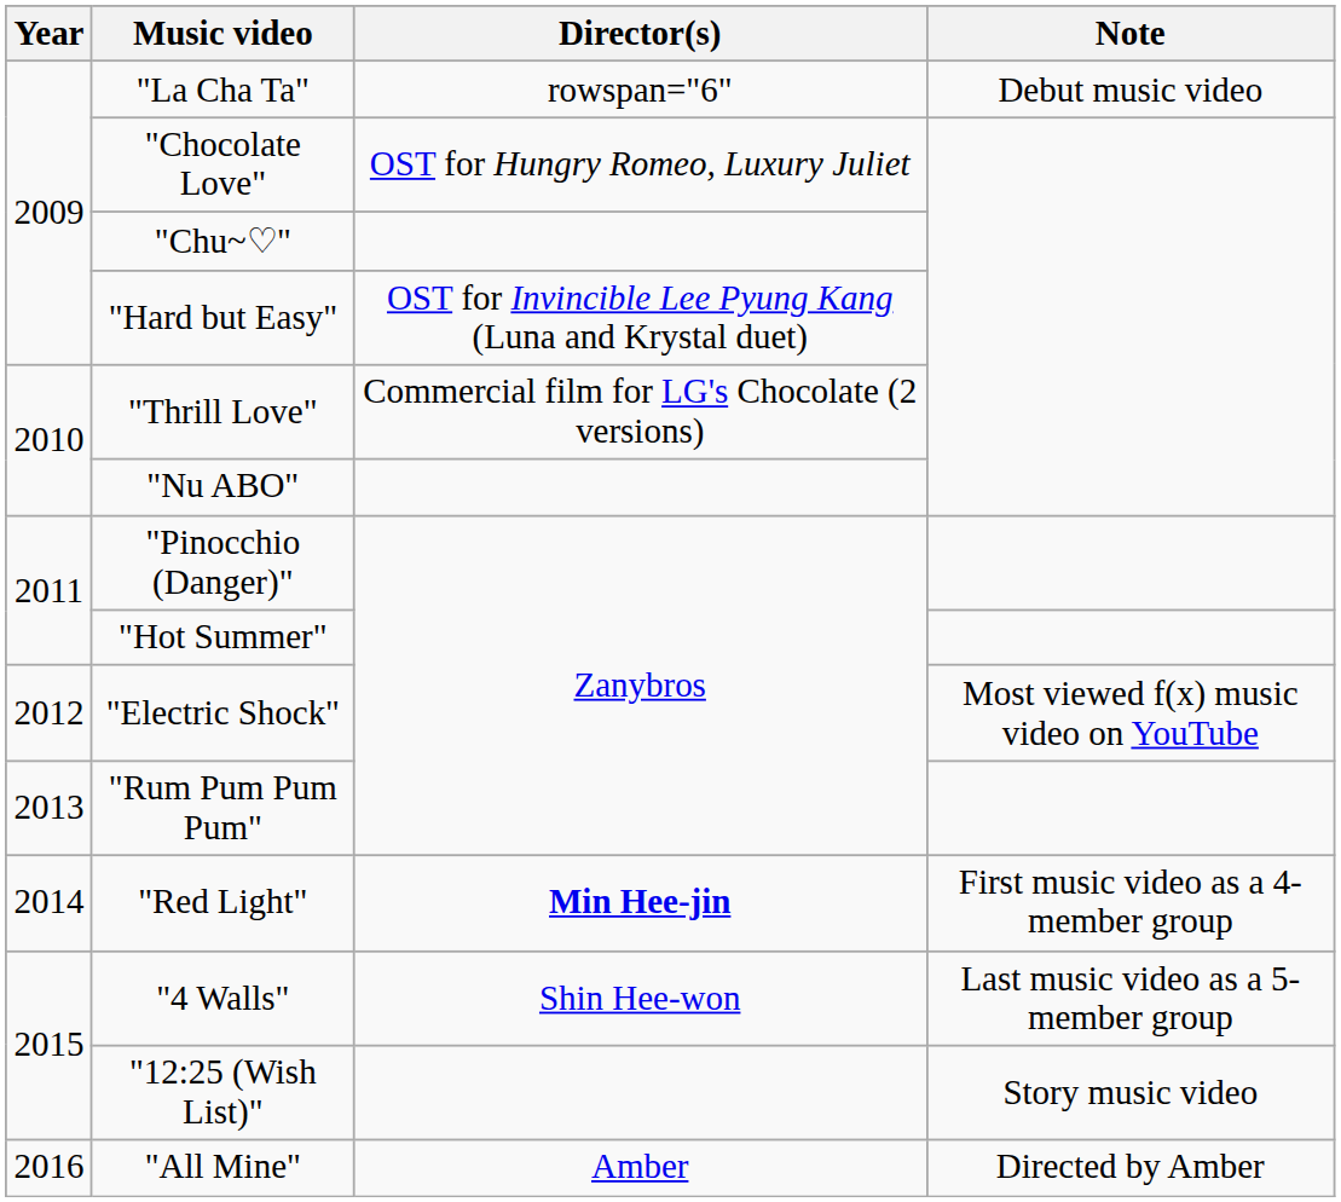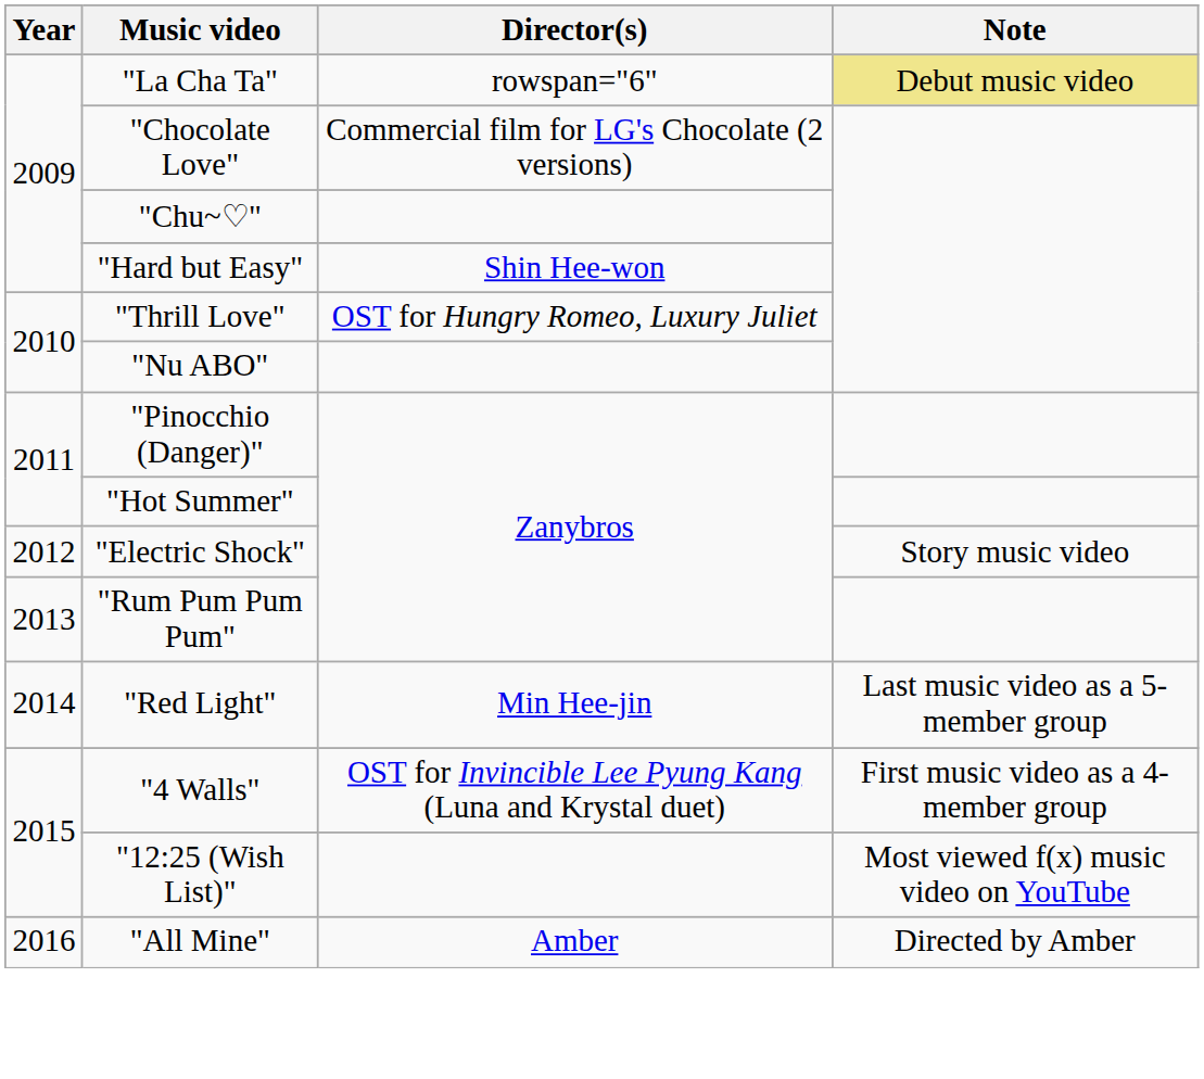 <table class="wikitable plainrowheaders" style="text-align:center">
 <tr>
 <th scope="col">Year</th>
 <th scope="col">Music video</th>
 <th scope="col">Director(s)</th>
 <th scope="col">Note</th>
 </tr>
 <tr>
 <td rowspan="4">2009</td>
 <td style="text-align:center">"La Cha Ta"</td>
 <td>rowspan="6" </td>
-<td style="text-align:center">Debut music video</td>
+<td style="background: khaki; text-align:center">Debut music video</td>
 </tr>
 <tr>
 <td style="text-align:center">"Chocolate Love"<br></td>
-<td style="text-align:center"><a href='#'>OST</a> for <em>Hungry Romeo, Luxury Juliet</em></td>
+<td style="text-align:center">Commercial film for <a href='#'>LG's</a> Chocolate (2 versions)</td>
 </tr>
 <tr>
 <td style="text-align:center">"Chu~♡"</td>
 <td></td>
 </tr>
 <tr>
 <td style="text-align:center">"Hard but Easy"</td>
-<td style="text-align:center"><a href='#'>OST</a> for <em><a href='#'>Invincible Lee Pyung Kang</a></em> (Luna and Krystal duet)</td>
+<td><a href='#'>Shin Hee-won</a></td>
 </tr>
 <tr>
 <td rowspan="2">2010</td>
 <td style="text-align:center">"Thrill Love"</td>
-<td style="text-align:center">Commercial film for <a href='#'>LG's</a> Chocolate (2 versions)</td>
+<td style="text-align:center"><a href='#'>OST</a> for <em>Hungry Romeo, Luxury Juliet</em></td>
 </tr>
 <tr>
 <td style="text-align:center">"Nu ABO"</td>
 <td></td>
 </tr>
 <tr>
 <td rowspan="2">2011</td>
 <td style="text-align:center">"Pinocchio (Danger)"</td>
 <td rowspan="4"><a href='#'>Zanybros</a></td>
 <td></td>
 </tr>
 <tr>
 <td style="text-align:center">"Hot Summer"</td>
 <td></td>
 </tr>
 <tr>
 <td>2012</td>
 <td style="text-align:center">"Electric Shock"</td>
-<td style="text-align:center">Most viewed f(x) music video on <a href='#'>YouTube</a></td>
+<td style="text-align:center">Story music video</td>
 </tr>
 <tr>
 <td>2013</td>
 <td style="text-align:center">"Rum Pum Pum Pum"</td>
 <td></td>
 </tr>
 <tr>
 <td>2014</td>
 <td style="text-align:center">"Red Light"</td>
-<td><strong><a href='#'>Min Hee-jin</a></strong></td>
-<td style="text-align:center">First music video as a 4-member group</td>
+<td><a href='#'>Min Hee-jin</a></td>
+<td style="text-align:center">Last music video as a 5-member group</td>
 </tr>
 <tr>
 <td rowspan="2">2015</td>
 <td style="text-align:center">"4 Walls"</td>
-<td><a href='#'>Shin Hee-won</a></td>
-<td style="text-align:center">Last music video as a 5-member group</td>
+<td style="text-align:center"><a href='#'>OST</a> for <em><a href='#'>Invincible Lee Pyung Kang</a></em> (Luna and Krystal duet)</td>
+<td style="text-align:center">First music video as a 4-member group</td>
 </tr>
 <tr>
 <td style="text-align:center">"12:25 (Wish List)"</td>
 <td></td>
-<td style="text-align:center">Story music video</td>
+<td style="text-align:center">Most viewed f(x) music video on <a href='#'>YouTube</a></td>
 </tr>
 <tr>
 <td>2016</td>
 <td style="text-align:center">"All Mine"</td>
 <td><a href='#'>Amber</a></td>
 <td style="text-align:center">Directed by Amber</td>
 </tr>
 </table>
